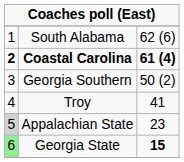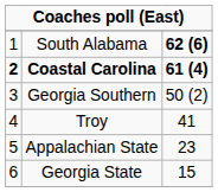 <table class="wikitable">
 <tr align="center">
 <td align="center" Colspan="3"><strong>Coaches poll (East)</strong></td>
 </tr>
 <tr align="center">
 </tr>
 <tr align="center">
 <td>1</td>
 <td>South Alabama</td>
-<td>62 (6)</td>
+<td><strong>62 (6)</strong></td>
 </tr>
 <tr align="center">
 <td><strong>2</strong></td>
 <td><strong>Coastal Carolina</strong></td>
 <td><strong>61 (4)</strong></td>
 </tr>
 <tr align="center">
 <td>3</td>
 <td>Georgia Southern</td>
 <td>50 (2)</td>
 </tr>
 <tr align="center">
 <td>4</td>
 <td>Troy</td>
 <td>41</td>
 </tr>
 <tr align="center">
-<td style="background: lightgrey;">5</td>
+<td>5</td>
 <td>Appalachian State</td>
 <td>23</td>
 </tr>
 <tr align="center">
-<td style="background: lightgreen;">6</td>
+<td>6</td>
 <td>Georgia State</td>
-<td><strong>15</strong></td>
+<td>15</td>
 </tr>
 <tr align="center">
 </tr>
 </table>
